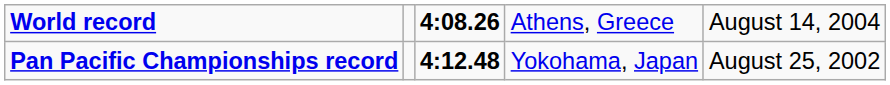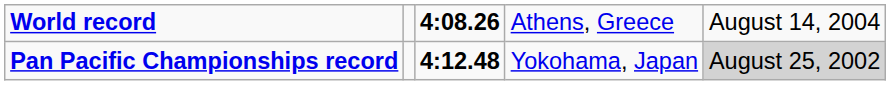 <table class="wikitable">
 <tr>
 <td><strong><a href='#'>World record</a></strong></td>
 <td></td>
 <td><strong>4:08.26</strong></td>
 <td><a href='#'>Athens</a>, <a href='#'>Greece</a></td>
 <td>August 14, 2004</td>
 </tr>
 <tr>
 <td><strong><a href='#'>Pan Pacific Championships record</a></strong></td>
 <td></td>
 <td><strong>4:12.48</strong></td>
 <td><a href='#'>Yokohama</a>, <a href='#'>Japan</a></td>
-<td>August 25, 2002</td>
+<td style="background: lightgrey;">August 25, 2002</td>
 </tr>
 </table>
